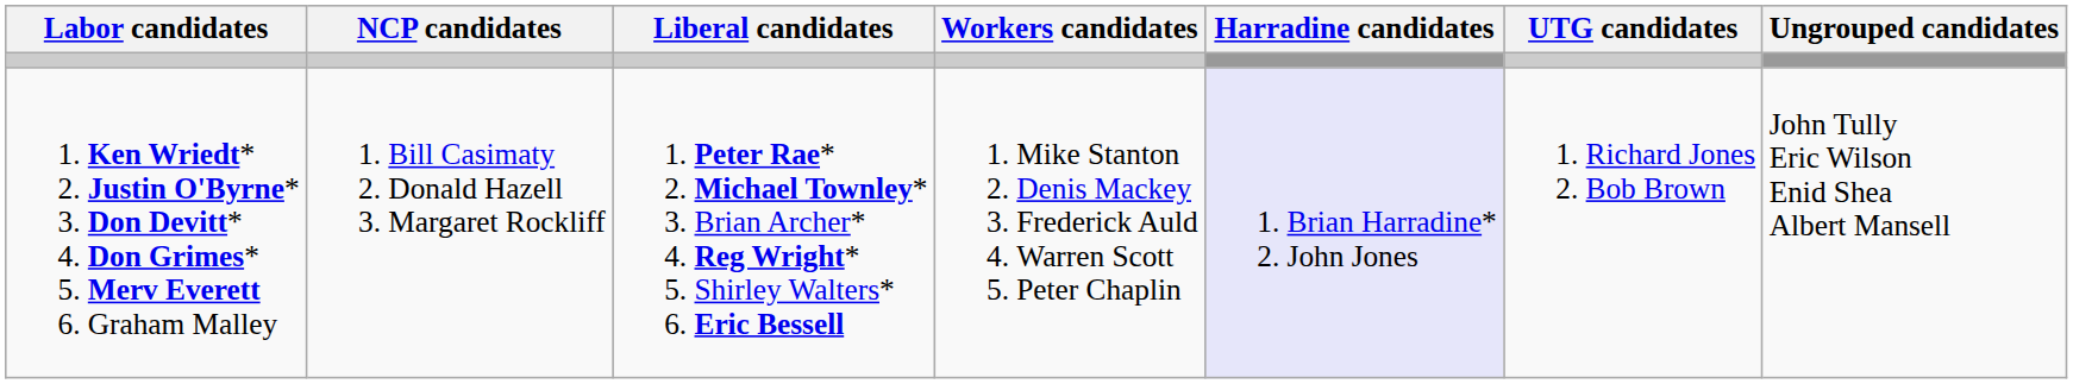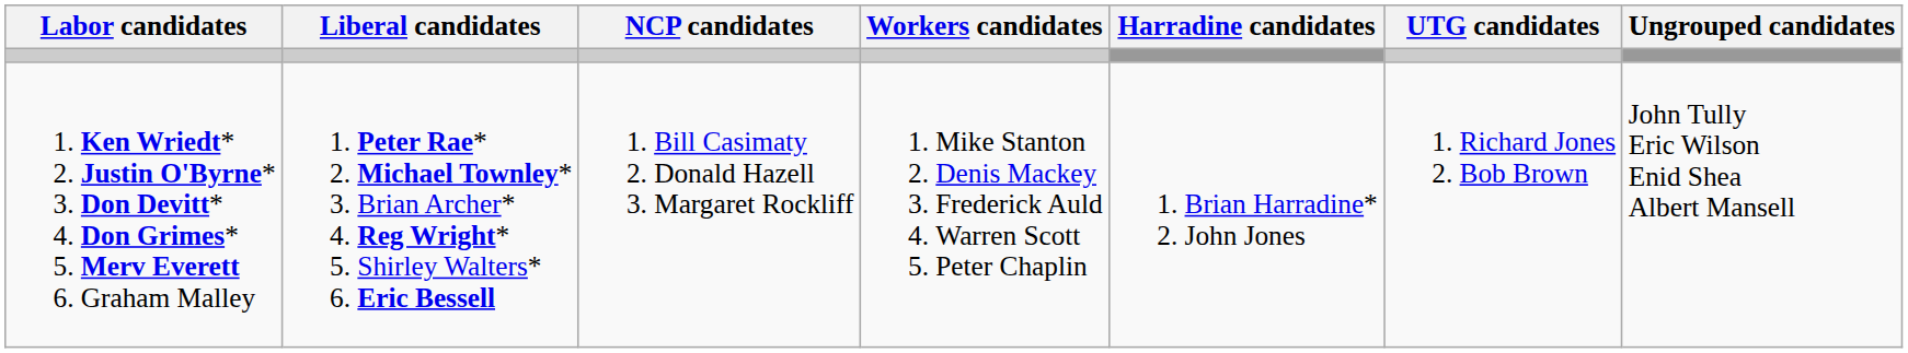 <table class="wikitable">
 <tr>
 <th><a href='#'>Labor</a> candidates</th>
+<th><a href='#'>Liberal</a> candidates</th>
 <th><a href='#'>NCP</a> candidates</th>
-<th><a href='#'>Liberal</a> candidates</th>
 <th><a href='#'>Workers</a> candidates</th>
 <th><a href='#'>Harradine</a> candidates</th>
 <th><a href='#'>UTG</a> candidates</th>
 <th>Ungrouped candidates</th>
 </tr>
 <tr bgcolor="#cccccc">
 <td></td>
 <td></td>
 <td></td>
 <td></td>
 <td bgcolor="#999999"></td>
 <td></td>
 <td bgcolor="#999999"></td>
 </tr>
 <tr>
 <td><br><ol><li><strong><a href='#'>Ken Wriedt</a></strong>*</li><li><strong><a href='#'>Justin O'Byrne</a></strong>*</li><li><strong><a href='#'>Don Devitt</a></strong>*</li><li><strong><a href='#'>Don Grimes</a></strong>*</li><li><strong><a href='#'>Merv Everett</a></strong></li><li>Graham Malley</li></ol></td>
+<td><br><ol><li><strong><a href='#'>Peter Rae</a></strong>*</li><li><strong><a href='#'>Michael Townley</a></strong>*</li><li><a href='#'>Brian Archer</a>*</li><li><strong><a href='#'>Reg Wright</a></strong>*</li><li><a href='#'>Shirley Walters</a>*</li><li><strong><a href='#'>Eric Bessell</a></strong></li></ol></td>
 <td valign=top><br><ol><li><a href='#'>Bill Casimaty</a></li><li>Donald Hazell</li><li>Margaret Rockliff</li></ol></td>
-<td><br><ol><li><strong><a href='#'>Peter Rae</a></strong>*</li><li><strong><a href='#'>Michael Townley</a></strong>*</li><li><a href='#'>Brian Archer</a>*</li><li><strong><a href='#'>Reg Wright</a></strong>*</li><li><a href='#'>Shirley Walters</a>*</li><li><strong><a href='#'>Eric Bessell</a></strong></li></ol></td>
 <td valign=top><br><ol><li>Mike Stanton</li><li><a href='#'>Denis Mackey</a></li><li>Frederick Auld</li><li>Warren Scott</li><li>Peter Chaplin</li></ol></td>
-<td style="background: lavender;"><br><ol><li><a href='#'>Brian Harradine</a>*</li><li>John Jones</li></ol></td>
+<td><br><ol><li><a href='#'>Brian Harradine</a>*</li><li>John Jones</li></ol></td>
 <td valign=top><br><ol><li><a href='#'>Richard Jones</a></li><li><a href='#'>Bob Brown</a></li></ol></td>
 <td valign=top><br>John Tully<br> Eric Wilson<br> Enid Shea<br> Albert Mansell</td>
 </tr>
 </table>
